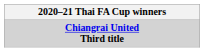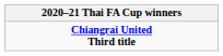 <table class="wikitable" style="text-align: center; margin: 0 auto; width: 20%">
 <tr>
 <th>2020–21 Thai FA Cup winners</th>
 </tr>
 <tr>
-<td align="center" style="background: lightgrey;"><strong><a href='#'>Chiangrai United</a></strong><br><strong>Third title</strong></td>
+<td align="center"><strong><a href='#'>Chiangrai United</a></strong><br><strong>Third title</strong></td>
 </tr>
 </table>
